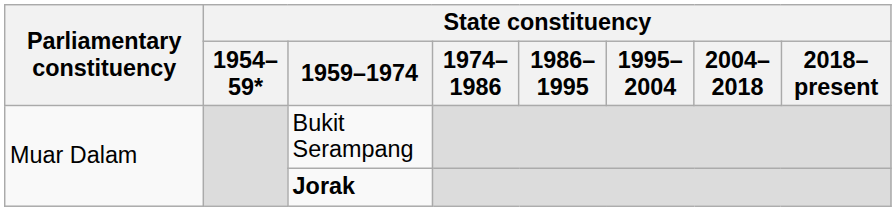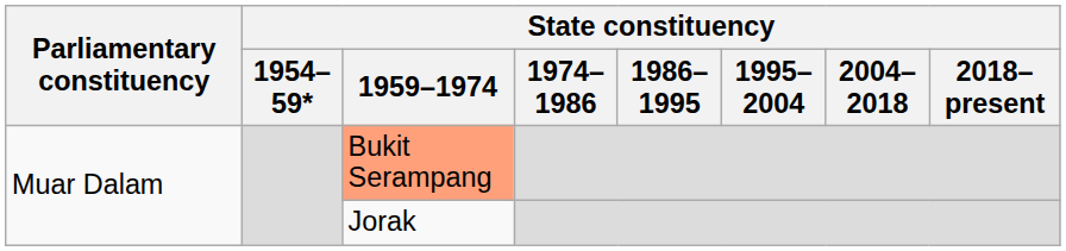 <table class="wikitable">
 <tr>
 <th rowspan="2">Parliamentary constituency</th>
 <th colspan="7">State constituency</th>
 </tr>
 <tr>
 <th>1954–59*</th>
 <th>1959–1974</th>
 <th>1974–1986</th>
 <th>1986–1995</th>
 <th>1995–2004</th>
 <th>2004–2018</th>
 <th>2018–present</th>
 </tr>
 <tr>
 <td rowspan="2">Muar Dalam</td>
 <td rowspan="2" bgcolor="dcdcdc"></td>
-<td>Bukit Serampang</td>
+<td style="background: lightsalmon;">Bukit Serampang</td>
 <td colspan="5" bgcolor="dcdcdc"></td>
 </tr>
 <tr>
-<td><strong>Jorak</strong></td>
+<td>Jorak</td>
 <td colspan="5" bgcolor="dcdcdc"></td>
 </tr>
 </table>
